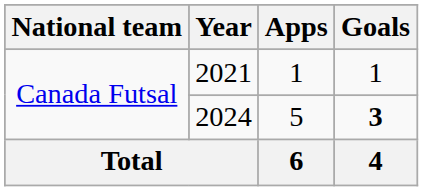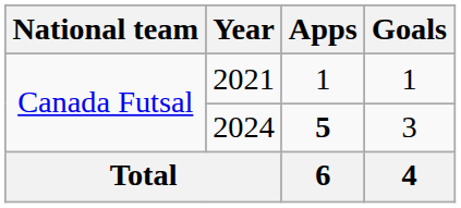 <table class="wikitable" style="text-align:center">
 <tr>
 <th>National team</th>
 <th>Year</th>
 <th>Apps</th>
 <th>Goals</th>
 </tr>
 <tr>
 <td rowspan="2"><a href='#'>Canada Futsal</a></td>
 <td>2021</td>
 <td>1</td>
 <td>1</td>
 </tr>
 <tr>
 <td>2024</td>
-<td>5</td>
-<td><strong>3</strong></td>
+<td><strong>5</strong></td>
+<td>3</td>
 </tr>
 <tr>
 <th colspan="2">Total</th>
 <th>6</th>
 <th>4</th>
 </tr>
 </table>
